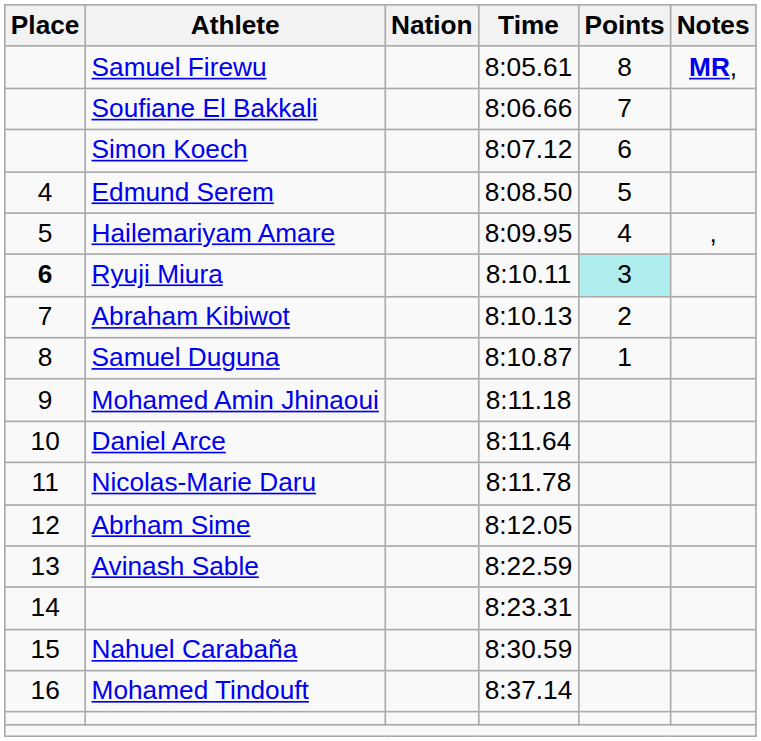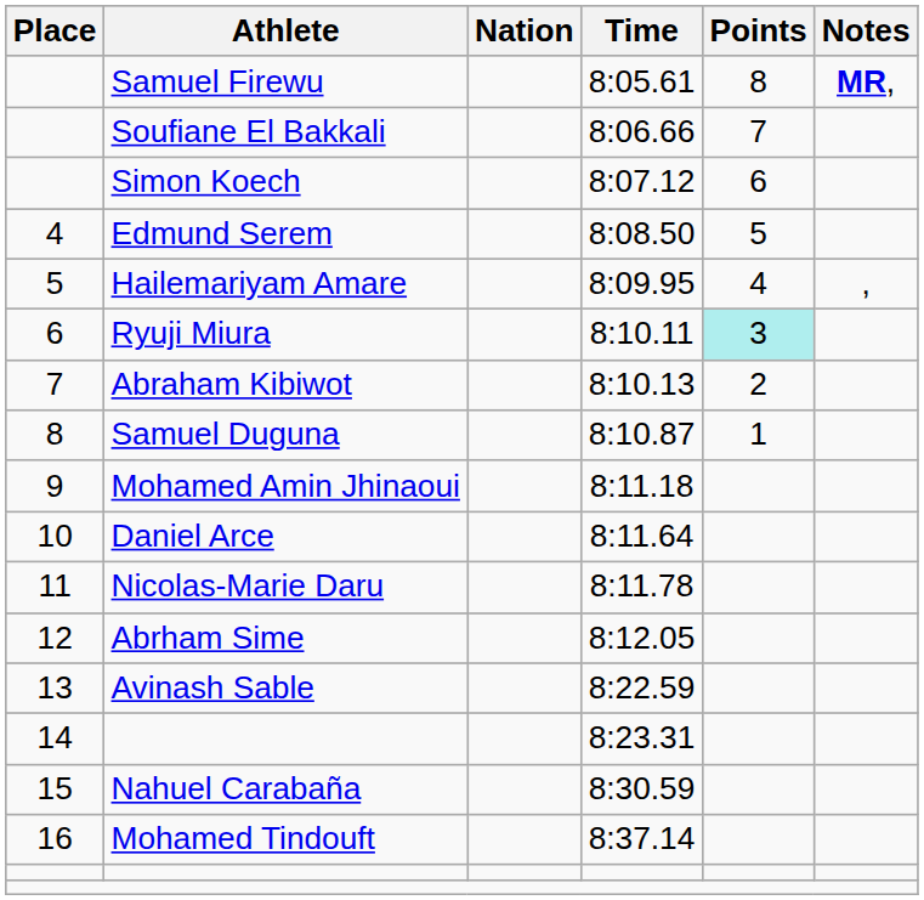 <table class="wikitable mw-datatable sortable" style="text-align:center;">
 <tr>
 <th scope="col">Place</th>
 <th scope="col">Athlete</th>
 <th scope="col">Nation</th>
 <th scope="col">Time</th>
 <th scope="col">Points</th>
 <th scope="col">Notes</th>
 </tr>
 <tr>
 <td></td>
 <td align="left"><a href='#'>Samuel Firewu</a></td>
 <td align="left"></td>
 <td>8:05.61</td>
 <td>8</td>
 <td><strong><a href='#'>MR</a></strong>, </td>
 </tr>
 <tr>
 <td></td>
 <td align="left"><a href='#'>Soufiane El Bakkali</a></td>
 <td align="left"></td>
 <td>8:06.66</td>
 <td>7</td>
 <td></td>
 </tr>
 <tr>
 <td></td>
 <td align="left"><a href='#'>Simon Koech</a></td>
 <td align="left"></td>
 <td>8:07.12</td>
 <td>6</td>
 <td></td>
 </tr>
 <tr>
 <td>4</td>
 <td align="left"><a href='#'>Edmund Serem</a></td>
 <td align="left"></td>
 <td>8:08.50</td>
 <td>5</td>
 <td></td>
 </tr>
 <tr>
 <td>5</td>
 <td align="left"><a href='#'>Hailemariyam Amare</a></td>
 <td align="left"></td>
 <td>8:09.95</td>
 <td>4</td>
 <td>, </td>
 </tr>
 <tr>
-<td><strong>6</strong></td>
+<td>6</td>
 <td align="left"><a href='#'>Ryuji Miura</a></td>
 <td align="left"></td>
 <td>8:10.11</td>
 <td style="background: paleturquoise;">3</td>
 <td></td>
 </tr>
 <tr>
 <td>7</td>
 <td align="left"><a href='#'>Abraham Kibiwot</a></td>
 <td align="left"></td>
 <td>8:10.13</td>
 <td>2</td>
 <td></td>
 </tr>
 <tr>
 <td>8</td>
 <td align="left"><a href='#'>Samuel Duguna</a></td>
 <td align="left"></td>
 <td>8:10.87</td>
 <td>1</td>
 <td></td>
 </tr>
 <tr>
 <td>9</td>
 <td align="left"><a href='#'>Mohamed Amin Jhinaoui</a></td>
 <td align="left"></td>
 <td>8:11.18</td>
 <td></td>
 <td></td>
 </tr>
 <tr>
 <td>10</td>
 <td align="left"><a href='#'>Daniel Arce</a></td>
 <td align="left"></td>
 <td>8:11.64</td>
 <td></td>
 <td></td>
 </tr>
 <tr>
 <td>11</td>
 <td align="left"><a href='#'>Nicolas-Marie Daru</a></td>
 <td align="left"></td>
 <td>8:11.78</td>
 <td></td>
 <td></td>
 </tr>
 <tr>
 <td>12</td>
 <td align="left"><a href='#'>Abrham Sime</a></td>
 <td align="left"></td>
 <td>8:12.05</td>
 <td></td>
 <td></td>
 </tr>
 <tr>
 <td>13</td>
 <td align="left"><a href='#'>Avinash Sable</a></td>
 <td align="left"></td>
 <td>8:22.59</td>
 <td></td>
 <td></td>
 </tr>
 <tr>
 <td>14</td>
 <td align="left"></td>
 <td align="left"></td>
 <td>8:23.31</td>
 <td></td>
 <td></td>
 </tr>
 <tr>
 <td>15</td>
 <td align="left"><a href='#'>Nahuel Carabaña</a></td>
 <td align="left"></td>
 <td>8:30.59</td>
 <td></td>
 <td></td>
 </tr>
 <tr>
 <td>16</td>
 <td align="left"><a href='#'>Mohamed Tindouft</a></td>
 <td align="left"></td>
 <td>8:37.14</td>
 <td></td>
 <td></td>
 </tr>
 <tr>
 <td></td>
 <td align="left"></td>
 <td align="left"></td>
 <td></td>
 <td></td>
 <td></td>
 </tr>
 <tr class="sortbottom">
 <td colspan="6"></td>
 </tr>
 </table>
